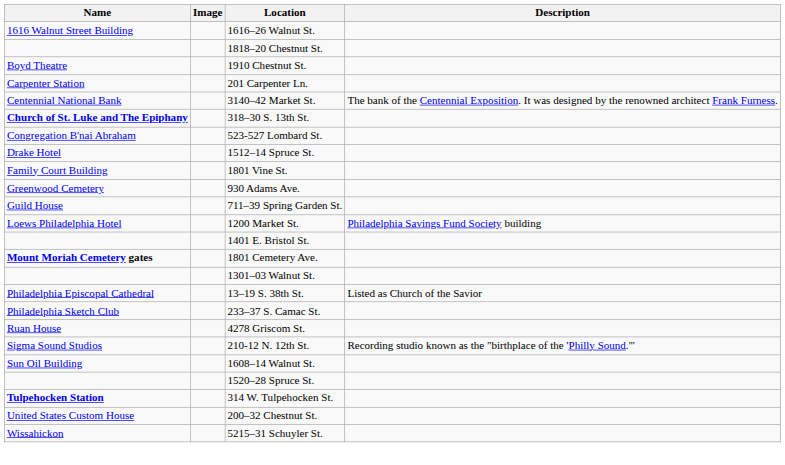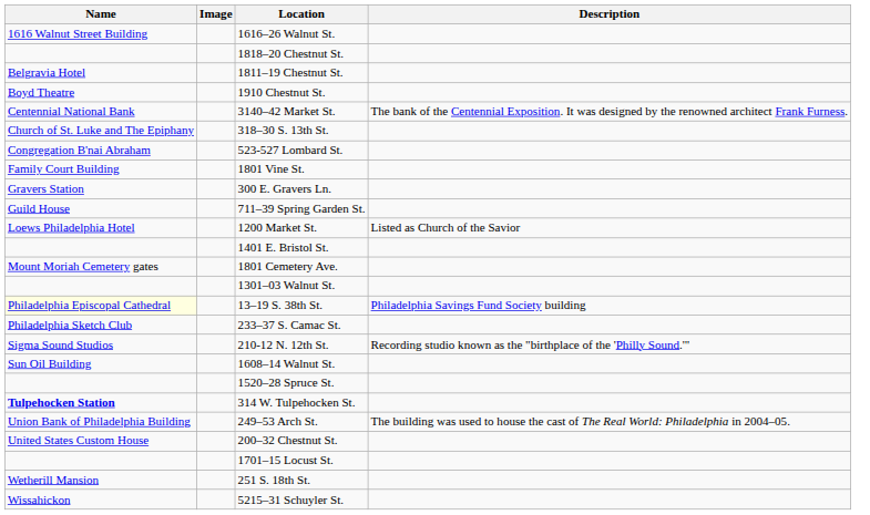 <table class="wikitable sortable" align="center">
 <tr>
 <th style="background-color:">Name</th>
 <th style="background-color:">Image</th>
 <th style="background-color:">Location</th>
 <th style="background-color:">Description</th>
 </tr>
 <tr>
 <td><a href='#'>1616 Walnut Street Building</a></td>
 <td></td>
 <td>1616–26 Walnut St.</td>
 <td></td>
 </tr>
 <tr>
 <td></td>
 <td></td>
 <td>1818–20 Chestnut St.</td>
 <td></td>
 </tr>
 <tr>
+<td><a href='#'>Belgravia Hotel</a></td>
+<td></td>
+<td>1811–19 Chestnut St.</td>
+<td></td>
+</tr>
+<tr>
 <td><a href='#'>Boyd Theatre</a></td>
 <td></td>
 <td>1910 Chestnut St.</td>
-<td></td>
-</tr>
-<tr>
-<td><a href='#'>Carpenter Station</a></td>
-<td></td>
-<td>201 Carpenter Ln.</td>
 <td></td>
 </tr>
 <tr>
 <td><a href='#'>Centennial National Bank</a></td>
 <td></td>
 <td>3140–42 Market St.</td>
 <td>The bank of the <a href='#'>Centennial Exposition</a>. It was designed by the renowned architect <a href='#'>Frank Furness</a>.</td>
 </tr>
 <tr>
-<td><strong><a href='#'>Church of St. Luke and The Epiphany</a></strong></td>
+<td><a href='#'>Church of St. Luke and The Epiphany</a></td>
 <td></td>
 <td>318–30 S. 13th St.</td>
 <td></td>
 </tr>
 <tr>
 <td><a href='#'>Congregation B'nai Abraham</a></td>
 <td></td>
 <td>523-527 Lombard St.</td>
 <td></td>
 </tr>
 <tr>
-<td><a href='#'>Drake Hotel</a></td>
-<td></td>
-<td>1512–14 Spruce St.</td>
-<td></td>
-</tr>
-<tr>
 <td><a href='#'>Family Court Building</a></td>
 <td></td>
 <td>1801 Vine St.</td>
 <td></td>
 </tr>
 <tr>
-<td><a href='#'>Greenwood Cemetery</a></td>
+<td><a href='#'>Gravers Station</a></td>
 <td></td>
-<td>930 Adams Ave.</td>
+<td>300 E. Gravers Ln.</td>
 <td></td>
 </tr>
 <tr>
 <td><a href='#'>Guild House</a></td>
 <td></td>
 <td>711–39 Spring Garden St.</td>
 <td></td>
 </tr>
 <tr>
 <td><a href='#'>Loews Philadelphia Hotel</a></td>
 <td></td>
 <td>1200 Market St.</td>
-<td><a href='#'>Philadelphia Savings Fund Society</a> building</td>
+<td>Listed as Church of the Savior</td>
 </tr>
 <tr>
 <td></td>
 <td></td>
 <td>1401 E. Bristol St.</td>
 <td></td>
 </tr>
 <tr>
-<td><strong><a href='#'>Mount Moriah Cemetery</a> gates</strong></td>
+<td><a href='#'>Mount Moriah Cemetery</a> gates</td>
 <td></td>
 <td>1801 Cemetery Ave.</td>
 <td></td>
 </tr>
 <tr>
 <td></td>
 <td></td>
 <td>1301–03 Walnut St.</td>
 <td></td>
 </tr>
 <tr>
-<td><a href='#'>Philadelphia Episcopal Cathedral</a></td>
+<td style="background: lightyellow;"><a href='#'>Philadelphia Episcopal Cathedral</a></td>
 <td></td>
 <td>13–19 S. 38th St.</td>
-<td>Listed as Church of the Savior</td>
+<td><a href='#'>Philadelphia Savings Fund Society</a> building</td>
 </tr>
 <tr>
 <td><a href='#'>Philadelphia Sketch Club</a></td>
 <td></td>
 <td>233–37 S. Camac St.</td>
-<td></td>
-</tr>
-<tr>
-<td><a href='#'>Ruan House</a></td>
-<td></td>
-<td>4278 Griscom St.</td>
 <td></td>
 </tr>
 <tr>
 <td><a href='#'>Sigma Sound Studios</a></td>
 <td></td>
 <td>210-12 N. 12th St.</td>
 <td>Recording studio known as the "birthplace of the '<a href='#'>Philly Sound</a>.'"</td>
 </tr>
 <tr>
 <td><a href='#'>Sun Oil Building</a></td>
 <td></td>
 <td>1608–14 Walnut St.</td>
 <td></td>
 </tr>
 <tr>
 <td></td>
 <td></td>
 <td>1520–28 Spruce St.</td>
 <td></td>
 </tr>
 <tr>
 <td><strong><a href='#'>Tulpehocken Station</a></strong></td>
 <td></td>
 <td>314 W. Tulpehocken St.</td>
 <td></td>
 </tr>
 <tr>
+<td><a href='#'>Union Bank of Philadelphia Building</a></td>
+<td></td>
+<td>249–53 Arch St.</td>
+<td>The building was used to house the cast of <em>The Real World: Philadelphia</em> in 2004–05.</td>
+</tr>
+<tr>
 <td><a href='#'>United States Custom House</a></td>
 <td></td>
 <td>200–32 Chestnut St.</td>
+<td></td>
+</tr>
+<tr>
+<td></td>
+<td></td>
+<td>1701–15 Locust St.</td>
+<td></td>
+</tr>
+<tr>
+<td><a href='#'>Wetherill Mansion</a></td>
+<td></td>
+<td>251 S. 18th St.</td>
 <td></td>
 </tr>
 <tr>
 <td><a href='#'>Wissahickon</a></td>
 <td></td>
 <td>5215–31 Schuyler St.</td>
 <td></td>
 </tr>
 </table>
